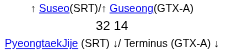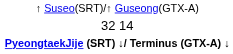 <table style="text-align:center; margin-left:1.5em;">
 <tr>
 <td><small>↑ <a href='#'>Suseo</a>(SRT)/↑ <a href='#'>Guseong</a>(GTX-A)</small></td>
 </tr>
 <tr>
 <td> <span></span><span>3</span><span>2</span>     <span>1</span><span>4</span><span></span> </td>
 </tr>
 <tr>
-<td><small><a href='#'>PyeongtaekJije</a> (SRT) ↓/ Terminus (GTX-A) ↓</small></td>
+<td><strong><small><a href='#'>PyeongtaekJije</a> (SRT) ↓/ Terminus (GTX-A) ↓</small></strong></td>
 </tr>
 </table>
